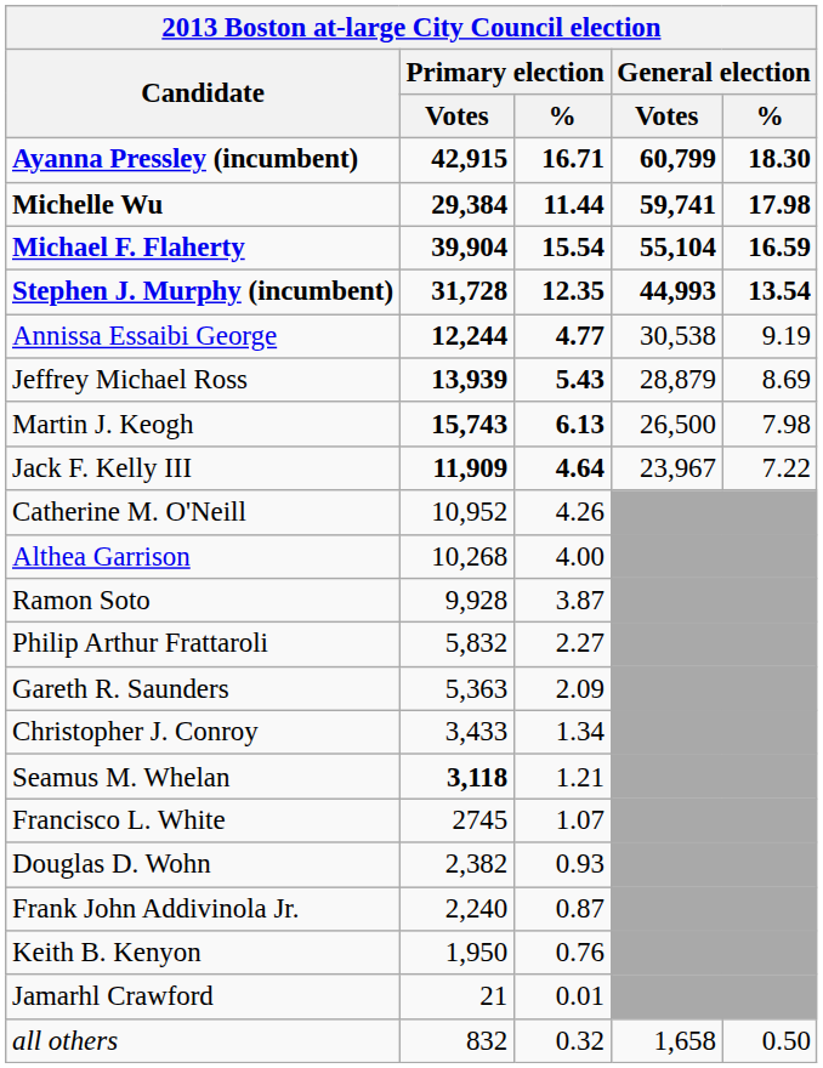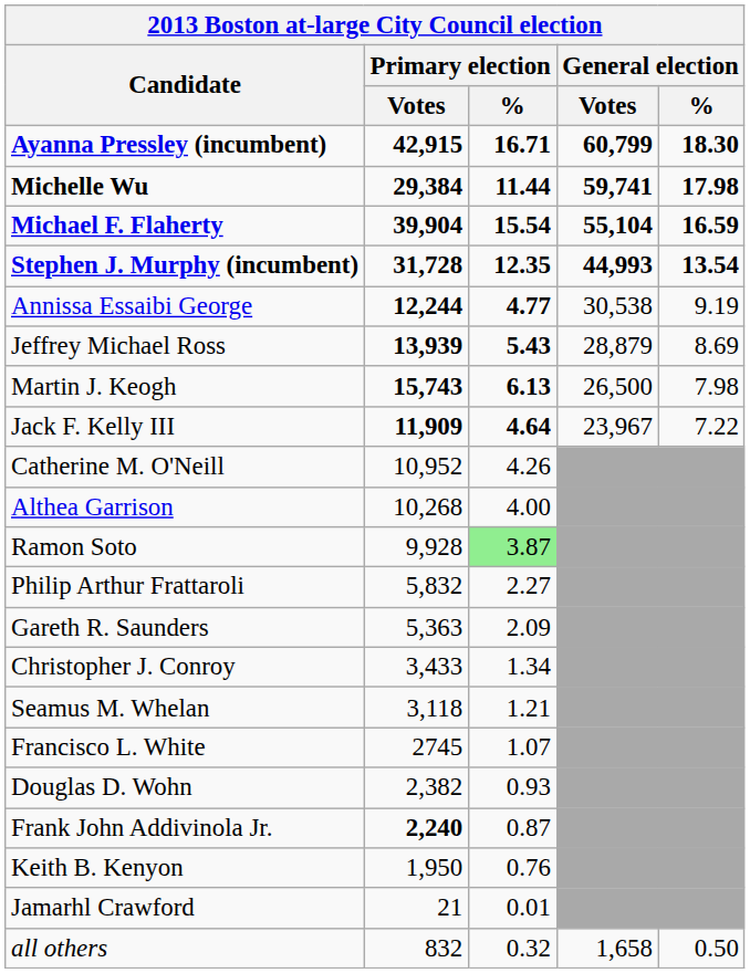 <table class=wikitable>
 <tr>
 <th colspan=5><a href='#'>2013 Boston at-large City Council election</a></th>
 </tr>
 <tr>
 <th colspan=1 rowspan=2>Candidate</th>
 <th colspan=2><strong>Primary election</strong></th>
 <th colspan=2><strong>General election</strong></th>
 </tr>
 <tr>
 <th>Votes</th>
 <th>%</th>
 <th>Votes</th>
 <th>%</th>
 </tr>
 <tr>
 <td><strong><a href='#'>Ayanna Pressley</a> (incumbent) </strong></td>
 <td align="right"><strong>42,915</strong></td>
 <td align="right"><strong>16.71</strong></td>
 <td align="right"><strong>60,799</strong></td>
 <td align="right"><strong>18.30</strong></td>
 </tr>
 <tr>
 <td><strong>Michelle Wu</strong></td>
 <td align="right"><strong>29,384</strong></td>
 <td align="right"><strong>11.44</strong></td>
 <td align="right"><strong>59,741</strong></td>
 <td align="right"><strong>17.98</strong></td>
 </tr>
 <tr>
 <td><strong><a href='#'>Michael F. Flaherty</a></strong></td>
 <td align="right"><strong>39,904</strong></td>
 <td align="right"><strong>15.54</strong></td>
 <td align="right"><strong>55,104</strong></td>
 <td align="right"><strong>16.59</strong></td>
 </tr>
 <tr>
 <td><strong><a href='#'>Stephen J. Murphy</a> (incumbent)</strong></td>
 <td align="right"><strong>31,728</strong></td>
 <td align="right"><strong>12.35</strong></td>
 <td align="right"><strong>44,993</strong></td>
 <td align="right"><strong>13.54</strong></td>
 </tr>
 <tr>
 <td><a href='#'>Annissa Essaibi George</a></td>
 <td align="right"><strong>12,244</strong></td>
 <td align="right"><strong>4.77</strong></td>
 <td align="right">30,538</td>
 <td align="right">9.19</td>
 </tr>
 <tr>
 <td>Jeffrey Michael Ross</td>
 <td align="right"><strong>13,939</strong></td>
 <td align="right"><strong>5.43</strong></td>
 <td align="right">28,879</td>
 <td align="right">8.69</td>
 </tr>
 <tr>
 <td>Martin J. Keogh</td>
 <td align="right"><strong>15,743</strong></td>
 <td align="right"><strong>6.13</strong></td>
 <td align="right">26,500</td>
 <td align="right">7.98</td>
 </tr>
 <tr>
 <td>Jack F. Kelly III</td>
 <td align="right"><strong>11,909</strong></td>
 <td align="right"><strong>4.64</strong></td>
 <td align="right">23,967</td>
 <td align="right">7.22</td>
 </tr>
 <tr>
 <td>Catherine M. O'Neill</td>
 <td align="right">10,952</td>
 <td align="right">4.26</td>
 <td colspan=2 bgcolor=darkgray> </td>
 </tr>
 <tr>
 <td><a href='#'>Althea Garrison</a></td>
 <td align="right">10,268</td>
 <td align="right">4.00</td>
 <td colspan=2 bgcolor=darkgray> </td>
 </tr>
 <tr>
 <td>Ramon Soto</td>
 <td align="right">9,928</td>
-<td align="right">3.87</td>
+<td align="right" style="background: lightgreen;">3.87</td>
 <td colspan=2 bgcolor=darkgray> </td>
 </tr>
 <tr>
 <td>Philip Arthur Frattaroli</td>
 <td align="right">5,832</td>
 <td align="right">2.27</td>
 <td colspan=2 bgcolor=darkgray> </td>
 </tr>
 <tr>
 <td>Gareth R. Saunders</td>
 <td align="right">5,363</td>
 <td align="right">2.09</td>
 <td colspan=2 bgcolor=darkgray> </td>
 </tr>
 <tr>
 <td>Christopher J. Conroy</td>
 <td align="right">3,433</td>
 <td align="right">1.34</td>
 <td colspan=2 bgcolor=darkgray> </td>
 </tr>
 <tr>
 <td>Seamus M. Whelan</td>
-<td align="right"><strong>3,118</strong></td>
+<td align="right">3,118</td>
 <td align="right">1.21</td>
 <td colspan=2 bgcolor=darkgray> </td>
 </tr>
 <tr>
 <td>Francisco L. White</td>
 <td align="right">2745</td>
 <td align="right">1.07</td>
 <td colspan=2 bgcolor=darkgray> </td>
 </tr>
 <tr>
 <td>Douglas D. Wohn</td>
 <td align="right">2,382</td>
 <td align="right">0.93</td>
 <td colspan=2 bgcolor=darkgray> </td>
 </tr>
 <tr>
 <td>Frank John Addivinola Jr.</td>
-<td align="right">2,240</td>
+<td align="right"><strong>2,240</strong></td>
 <td align="right">0.87</td>
 <td colspan=2 bgcolor=darkgray> </td>
 </tr>
 <tr>
 <td>Keith B. Kenyon</td>
 <td align="right">1,950</td>
 <td align="right">0.76</td>
 <td colspan=2 bgcolor=darkgray> </td>
 </tr>
 <tr>
 <td>Jamarhl Crawford</td>
 <td align="right">21</td>
 <td align="right">0.01</td>
 <td colspan=2 bgcolor=darkgray> </td>
 </tr>
 <tr>
 <td><em>all others</em></td>
 <td align="right">832</td>
 <td align="right">0.32</td>
 <td align="right">1,658</td>
 <td align="right">0.50</td>
 </tr>
 </table>
